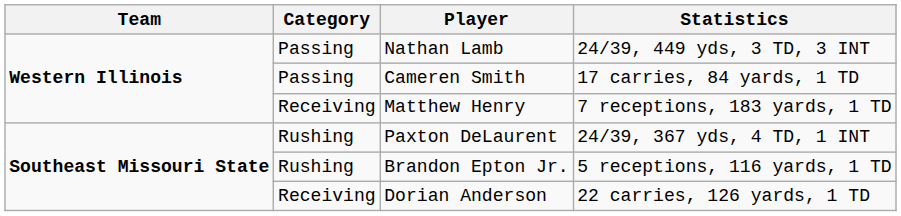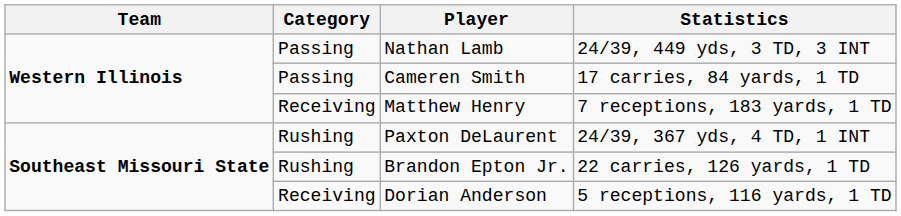 <table class="wikitable" style="float: right;">
 <tr>
 <th>Team</th>
 <th>Category</th>
 <th>Player</th>
 <th>Statistics</th>
 </tr>
 <tr>
 <td rowspan=3><strong>Western Illinois</strong></td>
 <td>Passing</td>
 <td>Nathan Lamb</td>
 <td>24/39, 449 yds, 3 TD, 3 INT</td>
 </tr>
 <tr>
 <td>Passing</td>
 <td>Cameren Smith</td>
 <td>17 carries, 84 yards, 1 TD</td>
 </tr>
 <tr>
 <td>Receiving</td>
 <td>Matthew Henry</td>
 <td>7 receptions, 183 yards, 1 TD</td>
 </tr>
 <tr>
 <td rowspan=3><strong>Southeast Missouri State</strong></td>
 <td>Rushing</td>
 <td>Paxton DeLaurent</td>
 <td>24/39, 367 yds, 4 TD, 1 INT</td>
 </tr>
 <tr>
 <td>Rushing</td>
 <td>Brandon Epton Jr.</td>
-<td>5 receptions, 116 yards, 1 TD</td>
+<td>22 carries, 126 yards, 1 TD</td>
 </tr>
 <tr>
 <td>Receiving</td>
 <td>Dorian Anderson</td>
-<td>22 carries, 126 yards, 1 TD</td>
+<td>5 receptions, 116 yards, 1 TD</td>
 </tr>
 </table>
